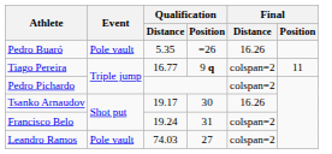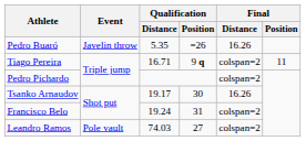 <table class=wikitable style=font-size:90%>
 <tr>
 <th rowspan=2>Athlete</th>
 <th rowspan=2>Event</th>
 <th colspan=2>Qualification</th>
 <th colspan=2>Final</th>
 </tr>
 <tr style=font-size:95%>
 <th>Distance</th>
 <th>Position</th>
 <th>Distance</th>
 <th>Position</th>
 </tr>
 <tr align=center>
 <td align=left><a href='#'>Pedro Buaró</a></td>
-<td align=left><a href='#'>Pole vault</a></td>
+<td align=left><a href='#'>Javelin throw</a></td>
 <td>5.35</td>
 <td>=26</td>
 <td>16.26</td>
 </tr>
 <tr align=center>
 <td align=left><a href='#'>Tiago Pereira</a></td>
 <td align=left rowspan=2><a href='#'>Triple jump</a></td>
-<td>16.77 </td>
+<td>16.71 </td>
 <td>9 <strong>q</strong></td>
 <td>colspan=2 </td>
 <td>11</td>
 </tr>
 <tr align=center>
 <td align=left><a href='#'>Pedro Pichardo</a></td>
 <td colspan=2></td>
 <td>colspan=2 </td>
 </tr>
 <tr align=center>
 <td align=left><a href='#'>Tsanko Arnaudov</a></td>
 <td align=left rowspan=2><a href='#'>Shot put</a></td>
 <td>19.17</td>
 <td>30</td>
 <td>16.26</td>
 </tr>
 <tr align=center>
 <td align=left><a href='#'>Francisco Belo</a></td>
 <td>19.24</td>
 <td>31</td>
 <td>colspan=2 </td>
 </tr>
 <tr align=center>
 <td align=left><a href='#'>Leandro Ramos</a></td>
 <td align=left><a href='#'>Pole vault</a></td>
 <td>74.03</td>
 <td>27</td>
 <td>colspan=2 </td>
 </tr>
 </table>
